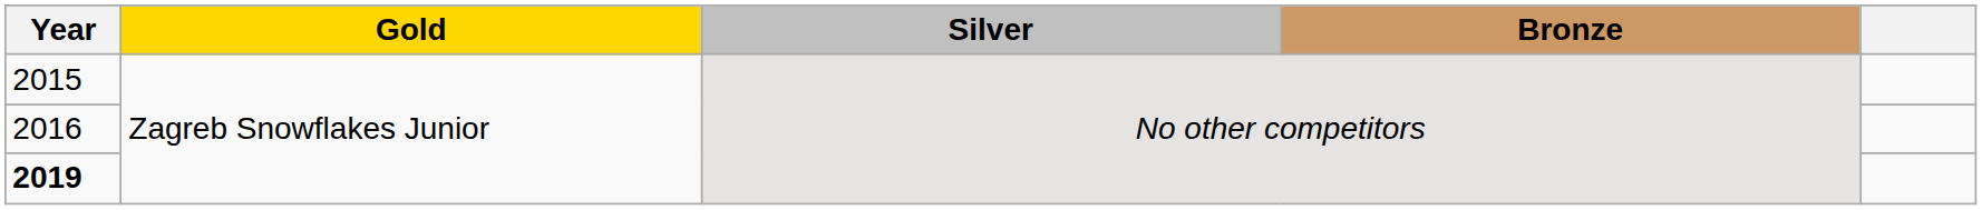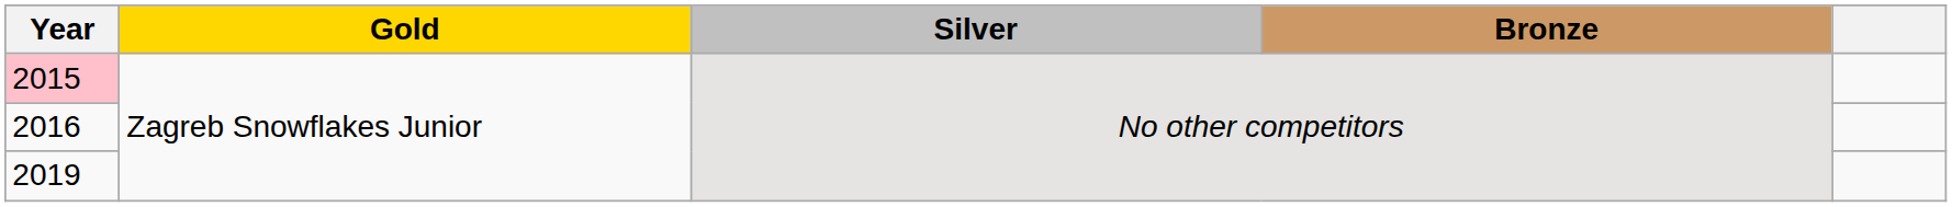 <table class="wikitable unsortable" style="text-align:left; width:80%">
 <tr>
 <th scope="col" style="text-align:center; width:5%">Year</th>
 <th scope="col" style="text-align:center; width:25%; background:gold">Gold</th>
 <th scope="col" style="text-align:center; width:25%; background:silver">Silver</th>
 <th scope="col" style="text-align:center; width:25%; background:#c96">Bronze</th>
 <th scope="col" style="text-align:center; width:5%"></th>
 </tr>
 <tr>
-<td>2015</td>
+<td style="background: pink;">2015</td>
 <td rowspan="3">Zagreb Snowflakes Junior</td>
 <td colspan="2" rowspan="3" align="center" bgcolor="e5e4e2"><em>No other competitors</em></td>
 <td></td>
 </tr>
 <tr>
 <td>2016</td>
 <td></td>
 </tr>
 <tr>
-<td><strong>2019</strong></td>
+<td>2019</td>
 <td></td>
 </tr>
 </table>
